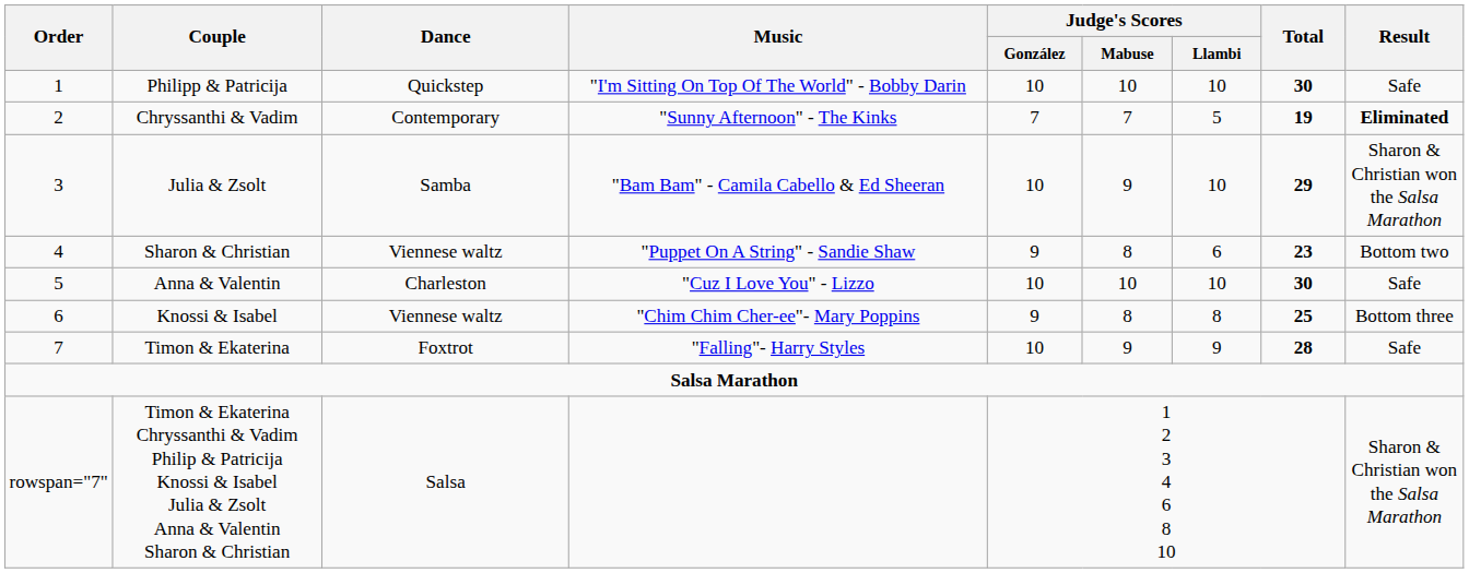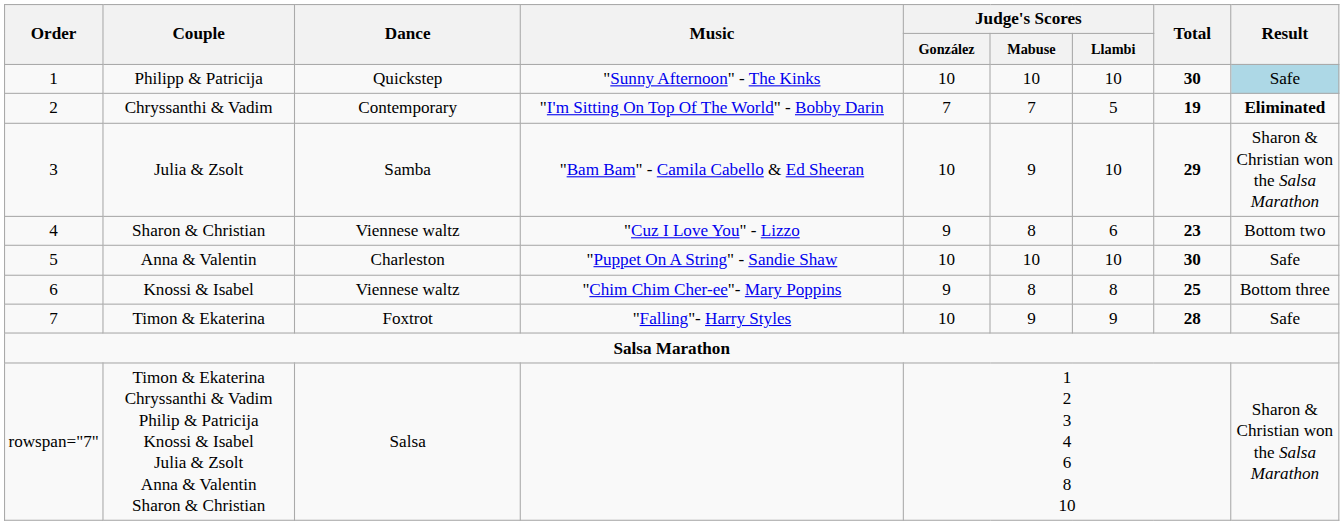 <table class="wikitable center sortable" style="text-align:center; font-size:100%; line-height:20px;">
 <tr>
 <th rowspan="2" style="width: 4em">Order</th>
 <th rowspan="2" style="width: 17em">Couple</th>
 <th rowspan="2" style="width: 20em">Dance</th>
 <th rowspan="2" style="width: 40em">Music</th>
 <th colspan="3">Judge's Scores</th>
 <th rowspan="2" style="width: 6em">Total</th>
 <th rowspan="2" style="width: 7em">Result</th>
 </tr>
 <tr>
 <th style="width: 6em"><small>González</small></th>
 <th style="width: 6em"><small>Mabuse</small></th>
 <th style="width: 6em"><small>Llambi</small></th>
 </tr>
 <tr>
 <td>1</td>
 <td>Philipp & Patricija</td>
 <td>Quickstep</td>
-<td>"<a href='#'>I'm Sitting On Top Of The World</a>" - <a href='#'>Bobby Darin</a></td>
+<td>"<a href='#'>Sunny Afternoon</a>" - <a href='#'>The Kinks</a></td>
 <td>10</td>
 <td>10</td>
 <td>10</td>
 <td><strong>30</strong></td>
-<td>Safe</td>
+<td style="background: lightblue;">Safe</td>
 </tr>
 <tr>
 <td>2</td>
 <td>Chryssanthi & Vadim</td>
 <td>Contemporary</td>
-<td>"<a href='#'>Sunny Afternoon</a>" - <a href='#'>The Kinks</a></td>
+<td>"<a href='#'>I'm Sitting On Top Of The World</a>" - <a href='#'>Bobby Darin</a></td>
 <td>7</td>
 <td>7</td>
 <td>5</td>
 <td><strong>19</strong></td>
 <td><strong>Eliminated</strong></td>
 </tr>
 <tr>
 <td>3</td>
 <td>Julia & Zsolt</td>
 <td>Samba</td>
 <td>"<a href='#'>Bam Bam</a>" - <a href='#'>Camila Cabello</a> & <a href='#'>Ed Sheeran</a></td>
 <td>10</td>
 <td>9</td>
 <td>10</td>
 <td><strong>29</strong></td>
 <td>Sharon & Christian won the <em>Salsa Marathon</em></td>
 </tr>
 <tr>
 <td>4</td>
 <td>Sharon & Christian</td>
 <td>Viennese waltz</td>
-<td>"<a href='#'>Puppet On A String</a>" - <a href='#'>Sandie Shaw</a></td>
+<td>"<a href='#'>Cuz I Love You</a>" - <a href='#'>Lizzo</a></td>
 <td>9</td>
 <td>8</td>
 <td>6</td>
 <td><strong>23</strong></td>
 <td>Bottom two</td>
 </tr>
 <tr>
 <td>5</td>
 <td>Anna & Valentin</td>
 <td>Charleston</td>
-<td>"<a href='#'>Cuz I Love You</a>" - <a href='#'>Lizzo</a></td>
+<td>"<a href='#'>Puppet On A String</a>" - <a href='#'>Sandie Shaw</a></td>
 <td>10</td>
 <td>10</td>
 <td>10</td>
 <td><strong>30</strong></td>
 <td>Safe</td>
 </tr>
 <tr>
 <td>6</td>
 <td>Knossi & Isabel</td>
 <td>Viennese waltz</td>
 <td>"<a href='#'>Chim Chim Cher-ee</a>"- <a href='#'>Mary Poppins</a></td>
 <td>9</td>
 <td>8</td>
 <td>8</td>
 <td><strong>25</strong></td>
 <td>Bottom three</td>
 </tr>
 <tr>
 <td>7</td>
 <td>Timon & Ekaterina</td>
 <td>Foxtrot</td>
 <td>"<a href='#'>Falling</a>"- <a href='#'>Harry Styles</a></td>
 <td>10</td>
 <td>9</td>
 <td>9</td>
 <td><strong>28</strong></td>
 <td>Safe</td>
 </tr>
 <tr>
 <td colspan="10"><strong>Salsa Marathon</strong></td>
 </tr>
 <tr>
 <td>rowspan="7" </td>
 <td>Timon & Ekaterina<br>Chryssanthi & Vadim<br>Philip & Patricija<br>Knossi & Isabel<br>Julia & Zsolt<br>Anna & Valentin<br>Sharon & Christian</td>
 <td>Salsa</td>
 <td></td>
 <td colspan="4">1<br>2<br>3<br>4<br>6<br>8<br>10</td>
 <td>Sharon & Christian won the <em>Salsa Marathon</em></td>
 </tr>
 </table>
